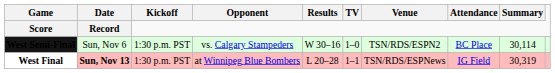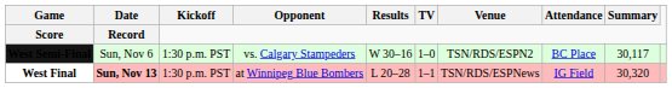 <table class="wikitable" style="font-size: 95%;">
 <tr>
 <th scope="col">Game</th>
 <th scope="col">Date</th>
 <th scope="col">Kickoff</th>
 <th scope="col">Opponent</th>
 <th scope="col">Results</th>
 <th scope="col">TV</th>
 <th scope="col">Venue</th>
 <th scope="col">Attendance</th>
 <th scope="col">Summary</th>
 </tr>
 <tr>
 <th scope="col">Score</th>
 <th scope="col">Record</th>
 </tr>
 <tr align="center" bgcolor="#ddffdd">
 <td style="text-align:center; background:#141414;"><span><strong>West Semi-Final</strong></span></td>
 <td align="center">Sun, Nov 6</td>
 <td align="center">1:30 p.m. PST</td>
 <td align="center">vs. <a href='#'>Calgary Stampeders</a></td>
 <td align="center">W 30–16</td>
 <td align="center">1–0</td>
 <td align="center">TSN/RDS/ESPN2</td>
 <td align="center"><a href='#'>BC Place</a></td>
-<td align="center">30,114</td>
+<td align="center">30,117</td>
 <td align="center"></td>
 </tr>
 <tr align="center" bgcolor="#ffbbbb">
 <th style="text-align:center; background:white;"><span><strong>West Final</strong></span></th>
 <td align="center"><strong>Sun, Nov 13</strong></td>
 <td align="center">1:30 p.m. PST</td>
 <td align="center">at <a href='#'>Winnipeg Blue Bombers</a></td>
 <td align="center">L 20–28</td>
 <td align="center">1–1</td>
 <td align="center">TSN/RDS/ESPNews</td>
 <td align="center"><a href='#'>IG Field</a></td>
-<td align="center">30,319</td>
+<td align="center">30,320</td>
 <td align="center"></td>
 </tr>
 </table>
